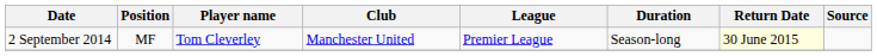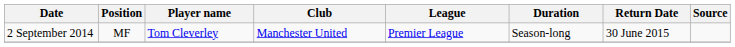 <table class="wikitable">
 <tr>
 <th width=120>Date</th>
 <th width=20>Position</th>
 <th width=140>Player name</th>
 <th width=170>Club</th>
 <th width=160>League</th>
 <th width=120>Duration</th>
 <th width=110>Return Date</th>
 <th width=10>Source</th>
 </tr>
 <tr>
 <td>2 September 2014</td>
 <td style="text-align:center;">MF</td>
 <td> <a href='#'>Tom Cleverley</a></td>
 <td> <a href='#'>Manchester United</a></td>
 <td> <a href='#'>Premier League</a></td>
 <td>Season-long</td>
-<td style="background: lightyellow;">30 June 2015</td>
+<td>30 June 2015</td>
 <td></td>
 </tr>
 <tr>
 </tr>
 </table>
